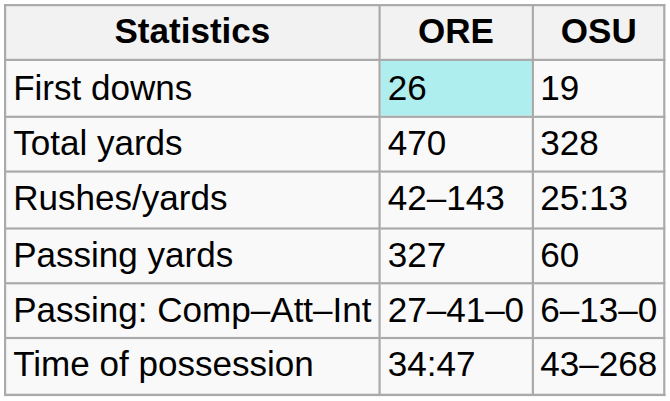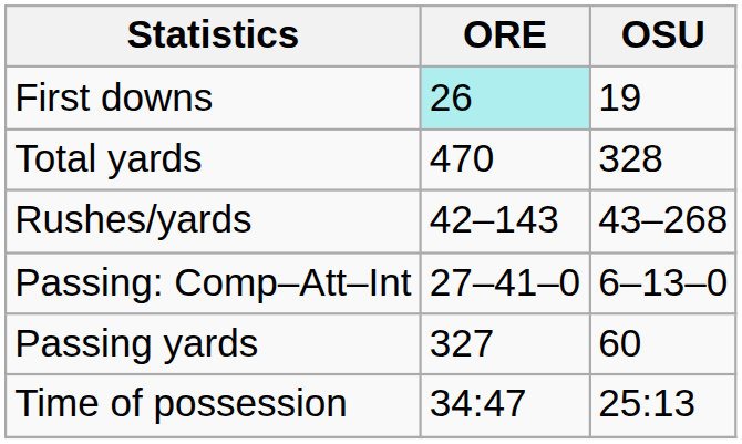 <table class="wikitable" style="float: left;">
 <tr>
 <th>Statistics</th>
 <th>ORE</th>
 <th>OSU</th>
 </tr>
 <tr>
 <td>First downs</td>
 <td style="background: paleturquoise;">26</td>
 <td>19</td>
 </tr>
 <tr>
 <td>Total yards</td>
 <td>470</td>
 <td>328</td>
 </tr>
 <tr>
 <td>Rushes/yards</td>
 <td>42–143</td>
-<td>25:13</td>
+<td>43–268</td>
+</tr>
+<tr>
+<td>Passing: Comp–Att–Int</td>
+<td>27–41–0</td>
+<td>6–13–0</td>
 </tr>
 <tr>
 <td>Passing yards</td>
 <td>327</td>
 <td>60</td>
 </tr>
 <tr>
-<td>Passing: Comp–Att–Int</td>
-<td>27–41–0</td>
-<td>6–13–0</td>
-</tr>
-<tr>
 <td>Time of possession</td>
 <td>34:47</td>
-<td>43–268</td>
+<td>25:13</td>
 </tr>
 <tr>
 </tr>
 </table>
